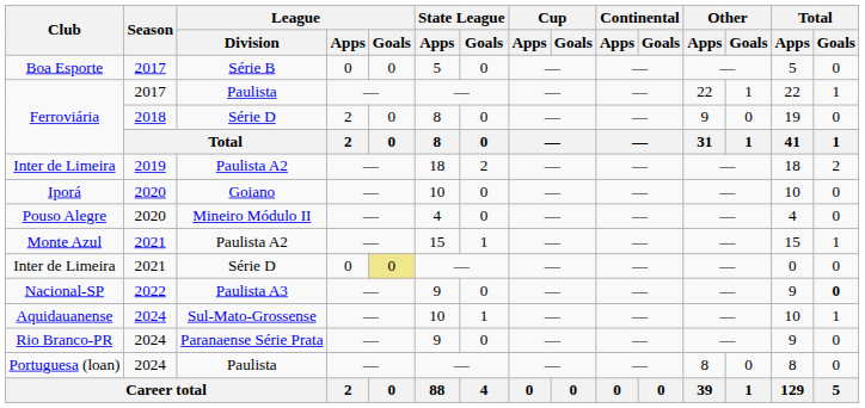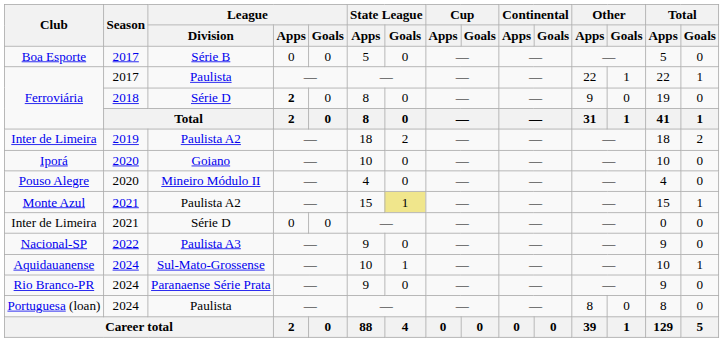 <table class="wikitable" style="text-align: center;">
 <tr>
 <th rowspan="2">Club</th>
 <th rowspan="2">Season</th>
 <th colspan="3">League</th>
 <th colspan="2">State League</th>
 <th colspan="2">Cup</th>
 <th colspan="2">Continental</th>
 <th colspan="2">Other</th>
 <th colspan="2">Total</th>
 </tr>
 <tr>
 <th>Division</th>
 <th>Apps</th>
 <th>Goals</th>
 <th>Apps</th>
 <th>Goals</th>
 <th>Apps</th>
 <th>Goals</th>
 <th>Apps</th>
 <th>Goals</th>
 <th>Apps</th>
 <th>Goals</th>
 <th>Apps</th>
 <th>Goals</th>
 </tr>
 <tr>
 <td valign="center"><a href='#'>Boa Esporte</a></td>
 <td><a href='#'>2017</a></td>
 <td><a href='#'>Série B</a></td>
 <td>0</td>
 <td>0</td>
 <td>5</td>
 <td>0</td>
 <td colspan="2">—</td>
 <td colspan="2">—</td>
 <td colspan="2">—</td>
 <td>5</td>
 <td>0</td>
 </tr>
 <tr>
 <td rowspan="3" valign="center"><a href='#'>Ferroviária</a></td>
 <td>2017</td>
 <td><a href='#'>Paulista</a></td>
 <td colspan="2">—</td>
 <td colspan="2">—</td>
 <td colspan="2">—</td>
 <td colspan="2">—</td>
 <td>22</td>
 <td>1</td>
 <td>22</td>
 <td>1</td>
 </tr>
 <tr>
 <td><a href='#'>2018</a></td>
 <td><a href='#'>Série D</a></td>
-<td>2</td>
+<td><strong>2</strong></td>
 <td>0</td>
 <td>8</td>
 <td>0</td>
 <td colspan="2">—</td>
 <td colspan="2">—</td>
 <td>9</td>
 <td>0</td>
 <td>19</td>
 <td>0</td>
 </tr>
 <tr>
 <th colspan="2">Total</th>
 <th>2</th>
 <th>0</th>
 <th>8</th>
 <th>0</th>
 <th colspan="2">—</th>
 <th colspan="2">—</th>
 <th>31</th>
 <th>1</th>
 <th>41</th>
 <th>1</th>
 </tr>
 <tr>
 <td valign="center"><a href='#'>Inter de Limeira</a></td>
 <td><a href='#'>2019</a></td>
 <td><a href='#'>Paulista A2</a></td>
 <td colspan="2">—</td>
 <td>18</td>
 <td>2</td>
 <td colspan="2">—</td>
 <td colspan="2">—</td>
 <td colspan="2">—</td>
 <td>18</td>
 <td>2</td>
 </tr>
 <tr>
 <td valign="center"><a href='#'>Iporá</a></td>
 <td><a href='#'>2020</a></td>
 <td><a href='#'>Goiano</a></td>
 <td colspan="2">—</td>
 <td>10</td>
 <td>0</td>
 <td colspan="2">—</td>
 <td colspan="2">—</td>
 <td colspan="2">—</td>
 <td>10</td>
 <td>0</td>
 </tr>
 <tr>
 <td><a href='#'>Pouso Alegre</a></td>
 <td>2020</td>
 <td><a href='#'>Mineiro Módulo II</a></td>
 <td colspan="2">—</td>
 <td>4</td>
 <td>0</td>
 <td colspan="2">—</td>
 <td colspan="2">—</td>
 <td colspan="2">—</td>
 <td>4</td>
 <td>0</td>
 </tr>
 <tr>
 <td><a href='#'>Monte Azul</a></td>
 <td><a href='#'>2021</a></td>
 <td>Paulista A2</td>
 <td colspan="2">—</td>
 <td>15</td>
-<td>1</td>
+<td style="background: khaki;">1</td>
 <td colspan="2">—</td>
 <td colspan="2">—</td>
 <td colspan="2">—</td>
 <td>15</td>
 <td>1</td>
 </tr>
 <tr>
 <td>Inter de Limeira</td>
 <td>2021</td>
 <td>Série D</td>
 <td>0</td>
-<td style="background: khaki;">0</td>
+<td>0</td>
 <td colspan="2">—</td>
 <td colspan="2">—</td>
 <td colspan="2">—</td>
 <td colspan="2">—</td>
 <td>0</td>
 <td>0</td>
 </tr>
 <tr>
 <td valign="center"><a href='#'>Nacional-SP</a></td>
 <td><a href='#'>2022</a></td>
 <td><a href='#'>Paulista A3</a></td>
 <td colspan="2">—</td>
 <td>9</td>
 <td>0</td>
 <td colspan="2">—</td>
 <td colspan="2">—</td>
 <td colspan="2">—</td>
 <td>9</td>
-<td><strong>0</strong></td>
+<td>0</td>
 </tr>
 <tr>
 <td valign="center"><a href='#'>Aquidauanense</a></td>
 <td><a href='#'>2024</a></td>
 <td><a href='#'>Sul-Mato-Grossense</a></td>
 <td colspan="2">—</td>
 <td>10</td>
 <td>1</td>
 <td colspan="2">—</td>
 <td colspan="2">—</td>
 <td colspan="2">—</td>
 <td>10</td>
 <td>1</td>
 </tr>
 <tr>
 <td valign="center"><a href='#'>Rio Branco-PR</a></td>
 <td>2024</td>
 <td><a href='#'>Paranaense Série Prata</a></td>
 <td colspan="2">—</td>
 <td>9</td>
 <td>0</td>
 <td colspan="2">—</td>
 <td colspan="2">—</td>
 <td colspan="2">—</td>
 <td>9</td>
 <td>0</td>
 </tr>
 <tr>
 <td valign="center"><a href='#'>Portuguesa</a> (loan)</td>
 <td>2024</td>
 <td>Paulista</td>
 <td colspan="2">—</td>
 <td colspan="2">—</td>
 <td colspan="2">—</td>
 <td colspan="2">—</td>
 <td>8</td>
 <td>0</td>
 <td>8</td>
 <td>0</td>
 </tr>
 <tr>
 <th colspan="3"><strong>Career total</strong></th>
 <th>2</th>
 <th>0</th>
 <th>88</th>
 <th>4</th>
 <th>0</th>
 <th>0</th>
 <th>0</th>
 <th>0</th>
 <th>39</th>
 <th>1</th>
 <th>129</th>
 <th>5</th>
 </tr>
 </table>
